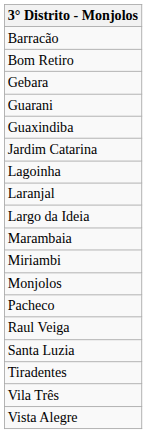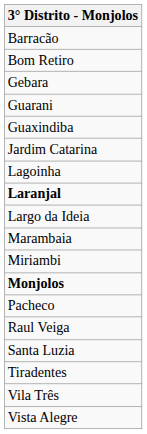 <table class="wikitable">
 <tr>
 <th>3° Distrito - Monjolos</th>
 </tr>
 <tr>
 <td>Barracão</td>
 </tr>
 <tr>
 <td>Bom Retiro</td>
 </tr>
 <tr>
 <td>Gebara</td>
 </tr>
 <tr>
 <td>Guarani</td>
 </tr>
 <tr>
 <td>Guaxindiba</td>
 </tr>
 <tr>
 <td>Jardim Catarina</td>
 </tr>
 <tr>
 <td>Lagoinha</td>
 </tr>
 <tr>
-<td>Laranjal</td>
+<td><strong>Laranjal</strong></td>
 </tr>
 <tr>
 <td>Largo da Ideia</td>
 </tr>
 <tr>
 <td>Marambaia</td>
 </tr>
 <tr>
 <td>Miriambi</td>
 </tr>
 <tr>
-<td>Monjolos</td>
+<td><strong>Monjolos</strong></td>
 </tr>
 <tr>
 <td>Pacheco</td>
 </tr>
 <tr>
 <td>Raul Veiga</td>
 </tr>
 <tr>
 <td>Santa Luzia</td>
 </tr>
 <tr>
 <td>Tiradentes</td>
 </tr>
 <tr>
 <td>Vila Três</td>
 </tr>
 <tr>
 <td>Vista Alegre</td>
 </tr>
 </table>
